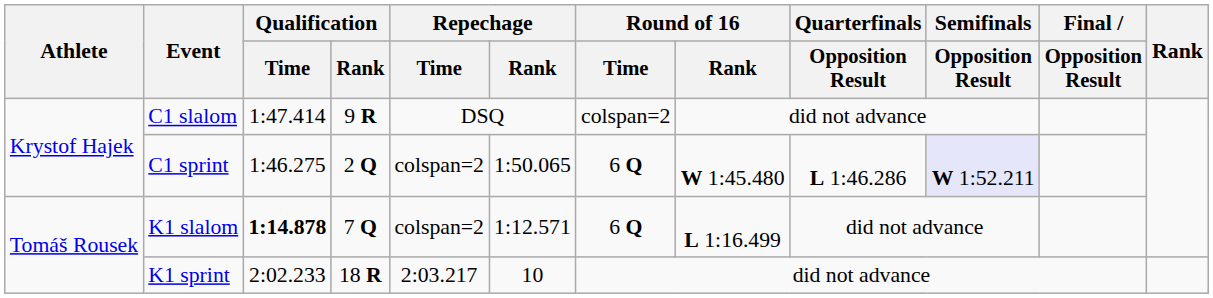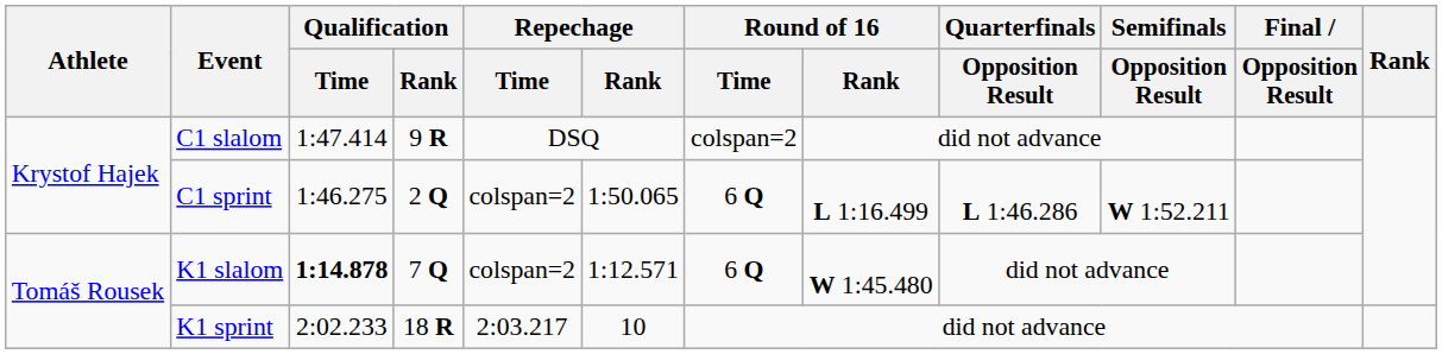 <table class="wikitable" style="font-size:90%;">
 <tr>
 <th rowspan=2>Athlete</th>
 <th rowspan=2>Event</th>
 <th colspan=2>Qualification</th>
 <th colspan=2>Repechage</th>
 <th colspan=2>Round of 16</th>
 <th>Quarterfinals</th>
 <th>Semifinals</th>
 <th>Final / </th>
 <th rowspan=2>Rank</th>
 </tr>
 <tr style="font-size:95%">
 <th>Time</th>
 <th>Rank</th>
 <th>Time</th>
 <th>Rank</th>
 <th>Time</th>
 <th>Rank</th>
 <th>Opposition <br>Result</th>
 <th>Opposition <br>Result</th>
 <th>Opposition <br>Result</th>
 </tr>
 <tr align=center>
 <td rowspan=2 align=left><a href='#'>Krystof Hajek</a></td>
 <td align=left><a href='#'>C1 slalom</a></td>
 <td>1:47.414</td>
 <td>9 <strong>R</strong></td>
 <td colspan=2>DSQ</td>
 <td>colspan=2 </td>
 <td colspan=3>did not advance</td>
 <td></td>
 </tr>
 <tr align=center>
 <td align=left><a href='#'>C1 sprint</a></td>
 <td>1:46.275</td>
 <td>2 <strong>Q</strong></td>
 <td>colspan=2 </td>
 <td>1:50.065</td>
 <td>6 <strong>Q</strong></td>
-<td><br><strong>W</strong> 1:45.480</td>
+<td><br><strong>L</strong> 1:16.499</td>
 <td><br><strong>L</strong> 1:46.286</td>
-<td style="background: lavender;"><br><strong>W</strong> 1:52.211</td>
+<td><br><strong>W</strong> 1:52.211</td>
 <td></td>
 </tr>
 <tr align=center>
 <td rowspan=2 align=left><a href='#'>Tomáš Rousek</a></td>
 <td align=left><a href='#'>K1 slalom</a></td>
 <td><strong>1:14.878</strong></td>
 <td>7 <strong>Q</strong></td>
 <td>colspan=2 </td>
 <td>1:12.571</td>
 <td>6 <strong>Q</strong></td>
-<td><br><strong>L</strong> 1:16.499</td>
+<td><br><strong>W</strong> 1:45.480</td>
 <td colspan=2>did not advance</td>
 <td></td>
 </tr>
 <tr align=center>
 <td align=left><a href='#'>K1 sprint</a></td>
 <td>2:02.233</td>
 <td>18 <strong>R</strong></td>
 <td>2:03.217</td>
 <td>10</td>
 <td colspan=5>did not advance</td>
 <td></td>
 </tr>
 </table>
